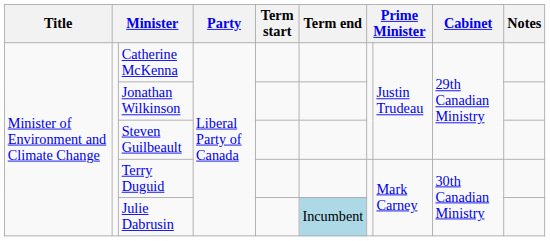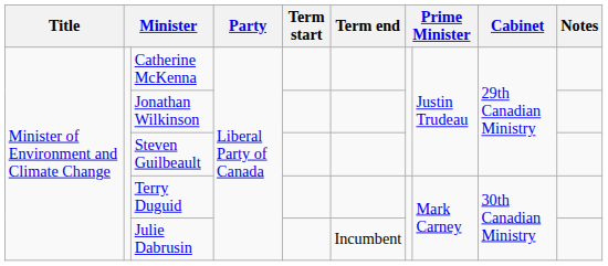 <table class="wikitable sortable">
 <tr>
 <th>Title</th>
 <th colspan=2><a href='#'>Minister</a></th>
 <th><a href='#'>Party</a></th>
 <th>Term start</th>
 <th>Term end</th>
 <th colspan=2><a href='#'>Prime Minister</a></th>
 <th><a href='#'>Cabinet</a></th>
 <th class="unsortable">Notes</th>
 </tr>
 <tr>
 <td rowspan=5><a href='#'>Minister of Environment and Climate Change</a></td>
 <td rowspan=5 bgcolor=></td>
 <td><a href='#'>Catherine McKenna</a></td>
 <td rowspan=5><a href='#'>Liberal Party of Canada</a></td>
 <td></td>
 <td></td>
 <td rowspan=3 bgcolor=></td>
 <td rowspan=3><a href='#'>Justin Trudeau</a></td>
 <td rowspan=3><a href='#'>29th Canadian Ministry</a></td>
 <td></td>
 </tr>
 <tr>
 <td><a href='#'>Jonathan Wilkinson</a></td>
 <td></td>
 <td></td>
 <td></td>
 </tr>
 <tr>
 <td><a href='#'>Steven Guilbeault</a></td>
 <td></td>
 <td></td>
 <td></td>
 </tr>
 <tr>
 <td><a href='#'>Terry Duguid</a></td>
 <td></td>
 <td></td>
 <td rowspan="2" bgcolor=></td>
 <td rowspan="2"><a href='#'>Mark Carney</a></td>
 <td rowspan="2"><a href='#'>30th Canadian Ministry</a></td>
 <td></td>
 </tr>
 <tr>
 <td><a href='#'>Julie Dabrusin</a></td>
 <td></td>
-<td style="background: lightblue;">Incumbent</td>
+<td>Incumbent</td>
 <td></td>
 </tr>
 </table>
